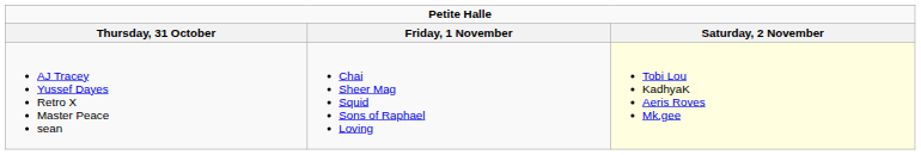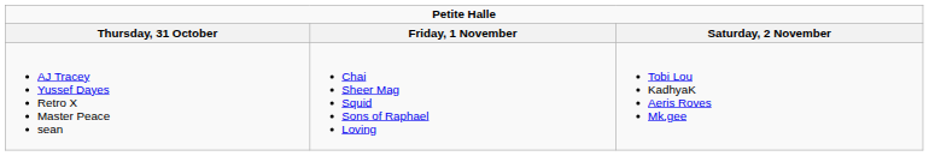 <table class="wikitable">
 <tr>
 <td colspan="3" align="center"><strong>Petite Halle</strong></td>
 </tr>
 <tr>
 <th width="500">Thursday, 31 October</th>
 <th width="500">Friday, 1 November</th>
 <th width="500">Saturday, 2 November</th>
 </tr>
 <tr valign="top">
 <td><br><ul><li><a href='#'>AJ Tracey</a></li><li><a href='#'>Yussef Dayes</a></li><li>Retro X</li><li>Master Peace</li><li>sean</li></ul></td>
 <td><br><ul><li><a href='#'>Chai</a></li><li><a href='#'>Sheer Mag</a></li><li><a href='#'>Squid</a></li><li><a href='#'>Sons of Raphael</a></li><li><a href='#'>Loving</a></li></ul></td>
-<td style="background: lightyellow;"><br><ul><li><a href='#'>Tobi Lou</a></li><li>KadhyaK</li><li><a href='#'>Aeris Roves</a></li><li><a href='#'>Mk.gee</a></li></ul></td>
+<td><br><ul><li><a href='#'>Tobi Lou</a></li><li>KadhyaK</li><li><a href='#'>Aeris Roves</a></li><li><a href='#'>Mk.gee</a></li></ul></td>
 </tr>
 </table>
